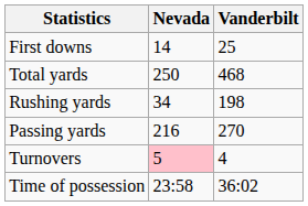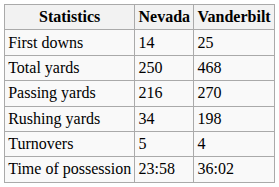 <table class="wikitable">
 <tr>
 <th>Statistics</th>
 <th>Nevada</th>
 <th>Vanderbilt</th>
 </tr>
 <tr>
 <td>First downs</td>
 <td>14</td>
 <td>25</td>
 </tr>
 <tr>
 <td>Total yards</td>
 <td>250</td>
 <td>468</td>
 </tr>
 <tr>
+<td>Passing yards</td>
+<td>216</td>
+<td>270</td>
+</tr>
+<tr>
 <td>Rushing yards</td>
 <td>34</td>
 <td>198</td>
 </tr>
 <tr>
-<td>Passing yards</td>
-<td>216</td>
-<td>270</td>
-</tr>
-<tr>
 <td>Turnovers</td>
-<td style="background: pink;">5</td>
+<td>5</td>
 <td>4</td>
 </tr>
 <tr>
 <td>Time of possession</td>
 <td>23:58</td>
 <td>36:02</td>
 </tr>
 <tr>
 </tr>
 </table>
